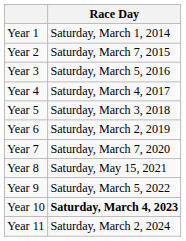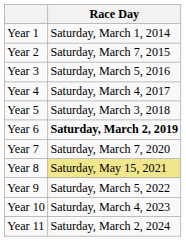 <table class="wikitable">
 <tr>
 <th></th>
 <th>Race Day</th>
 </tr>
 <tr>
 <td>Year 1</td>
 <td>Saturday, March 1, 2014</td>
 </tr>
 <tr>
 <td>Year 2</td>
 <td>Saturday, March 7, 2015</td>
 </tr>
 <tr>
 <td>Year 3</td>
 <td>Saturday, March 5, 2016</td>
 </tr>
 <tr>
 <td>Year 4</td>
 <td>Saturday, March 4, 2017</td>
 </tr>
 <tr>
 <td>Year 5</td>
 <td>Saturday, March 3, 2018</td>
 </tr>
 <tr>
 <td>Year 6</td>
-<td>Saturday, March 2, 2019</td>
+<td><strong>Saturday, March 2, 2019</strong></td>
 </tr>
 <tr>
 <td>Year 7</td>
 <td>Saturday, March 7, 2020</td>
 </tr>
 <tr>
 <td>Year 8</td>
-<td>Saturday, May 15, 2021</td>
+<td style="background: khaki;">Saturday, May 15, 2021</td>
 </tr>
 <tr>
 <td>Year 9</td>
 <td>Saturday, March 5, 2022</td>
 </tr>
 <tr>
 <td>Year 10</td>
-<td><strong>Saturday, March 4, 2023</strong></td>
+<td>Saturday, March 4, 2023</td>
 </tr>
 <tr>
 <td>Year 11</td>
 <td>Saturday, March 2, 2024</td>
 </tr>
 </table>
